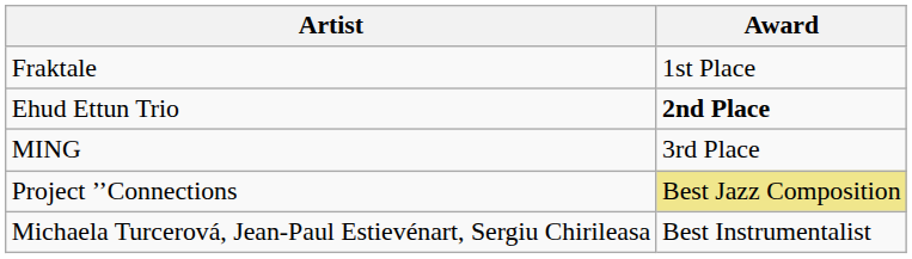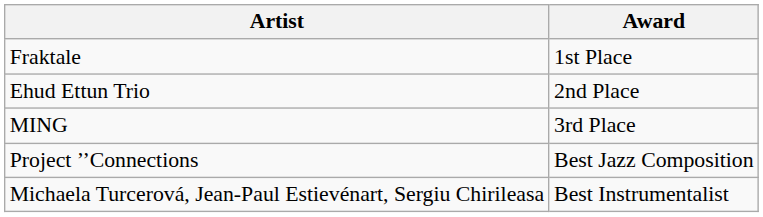 <table class="wikitable">
 <tr>
 <th>Artist</th>
 <th>Award</th>
 </tr>
 <tr>
 <td>Fraktale</td>
 <td>1st Place</td>
 </tr>
 <tr>
 <td>Ehud Ettun Trio</td>
-<td><strong>2nd Place</strong></td>
+<td>2nd Place</td>
 </tr>
 <tr>
 <td>MING</td>
 <td>3rd Place</td>
 </tr>
 <tr>
 <td>Project ’’Connections</td>
-<td style="background: khaki;">Best Jazz Composition</td>
+<td>Best Jazz Composition</td>
 </tr>
 <tr>
 <td>Michaela Turcerová, Jean-Paul Estievénart, Sergiu Chirileasa</td>
 <td>Best Instrumentalist</td>
 </tr>
 </table>
